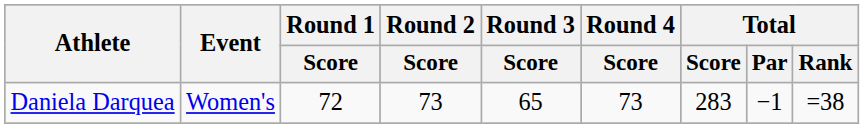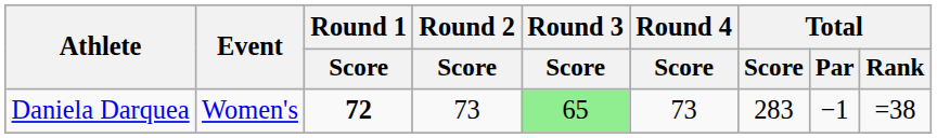 <table class=wikitable style="font-size:90%;text-align:center">
 <tr>
 <th rowspan=2>Athlete</th>
 <th rowspan=2>Event</th>
 <th>Round 1</th>
 <th>Round 2</th>
 <th>Round 3</th>
 <th>Round 4</th>
 <th colspan=3>Total</th>
 </tr>
 <tr style=font-size:95%>
 <th>Score</th>
 <th>Score</th>
 <th>Score</th>
 <th>Score</th>
 <th>Score</th>
 <th>Par</th>
 <th>Rank</th>
 </tr>
 <tr>
 <td align=left><a href='#'>Daniela Darquea</a></td>
 <td align=left><a href='#'>Women's</a></td>
-<td>72</td>
+<td><strong>72</strong></td>
 <td>73</td>
-<td>65</td>
+<td style="background: lightgreen;">65</td>
 <td>73</td>
 <td>283</td>
 <td>−1</td>
 <td>=38</td>
 </tr>
 </table>
